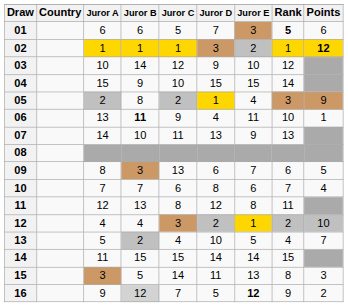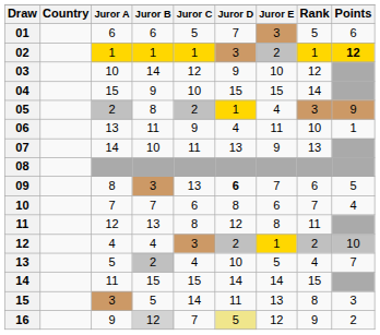 <table class="sortable wikitable collapsible plainrowheaders" style="text-align:center;">
 <tr>
 </tr>
 <tr>
 <th scope="col">Draw</th>
 <th scope="col">Country</th>
 <th scope="col"><small>Juror A</small></th>
 <th scope="col"><small>Juror B</small></th>
 <th scope="col"><small>Juror C</small></th>
 <th scope="col"><small>Juror D</small></th>
 <th scope="col"><small>Juror E</small></th>
 <th scope="col">Rank</th>
 <th scope="col">Points</th>
 </tr>
 <tr>
 <th scope="row" style="text-align:center;">01</th>
 <td style="text-align:left;"></td>
 <td>6</td>
 <td>6</td>
 <td>5</td>
 <td>7</td>
 <td style="background:#CC9966;">3</td>
-<td><strong>5</strong></td>
+<td>5</td>
 <td>6</td>
 </tr>
 <tr>
 <th scope="row" style="text-align:center;">02</th>
 <td style="text-align:left;"></td>
 <td style="background:gold;">1</td>
 <td style="background:gold;">1</td>
 <td style="background:gold;">1</td>
 <td style="background:#CC9966;">3</td>
 <td style="background:silver;">2</td>
 <td style="background:gold;">1</td>
 <td style="background:gold;"><strong>12</strong></td>
 </tr>
 <tr>
 <th scope="row" style="text-align:center;">03</th>
 <td style="text-align:left;"></td>
 <td>10</td>
 <td>14</td>
 <td>12</td>
 <td>9</td>
 <td>10</td>
 <td>12</td>
 <td style="background:#AAAAAA;"></td>
 </tr>
 <tr>
 <th scope="row" style="text-align:center;">04</th>
 <td style="text-align:left;"></td>
 <td>15</td>
 <td>9</td>
 <td>10</td>
 <td>15</td>
 <td>15</td>
 <td>14</td>
 <td style="background:#AAAAAA;"></td>
 </tr>
 <tr>
 <th scope="row" style="text-align:center;">05</th>
 <td style="text-align:left;"></td>
 <td style="background:silver;">2</td>
 <td>8</td>
 <td style="background:silver;">2</td>
 <td style="background:gold;">1</td>
 <td>4</td>
 <td style="background:#CC9966;">3</td>
 <td style="background:#CC9966;">9</td>
 </tr>
 <tr>
 <th scope="row" style="text-align:center;">06</th>
 <td style="text-align:left;"></td>
 <td>13</td>
-<td><strong>11</strong></td>
+<td>11</td>
 <td>9</td>
 <td>4</td>
 <td>11</td>
 <td>10</td>
 <td>1</td>
 </tr>
 <tr>
 <th scope="row" style="text-align:center;">07</th>
 <td style="text-align:left;"></td>
 <td>14</td>
 <td>10</td>
 <td>11</td>
 <td>13</td>
 <td>9</td>
 <td>13</td>
 <td style="background:#AAAAAA;"></td>
 </tr>
 <tr class="sortbottom">
 <th scope="row" style="text-align:center;">08</th>
 <td style="text-align:left;"></td>
 <td style="background:#AAAAAA;"></td>
 <td style="background:#AAAAAA;"></td>
 <td style="background:#AAAAAA;"></td>
 <td style="background:#AAAAAA;"></td>
 <td style="background:#AAAAAA;"></td>
 <td style="background:#AAAAAA;"></td>
 <td style="background:#AAAAAA;"></td>
 </tr>
 <tr>
 <th scope="row" style="text-align:center;">09</th>
 <td style="text-align:left;"></td>
 <td>8</td>
 <td style="background:#CC9966;">3</td>
 <td>13</td>
-<td>6</td>
+<td><strong>6</strong></td>
 <td>7</td>
 <td>6</td>
 <td>5</td>
 </tr>
 <tr>
 <th scope="row" style="text-align:center;">10</th>
 <td style="text-align:left;"></td>
 <td>7</td>
 <td>7</td>
 <td>6</td>
 <td>8</td>
 <td>6</td>
 <td>7</td>
 <td>4</td>
 </tr>
 <tr>
 <th scope="row" style="text-align:center;">11</th>
 <td style="text-align:left;"></td>
 <td>12</td>
 <td>13</td>
 <td>8</td>
 <td>12</td>
 <td>8</td>
 <td>11</td>
 <td style="background:#AAAAAA;"></td>
 </tr>
 <tr>
 <th scope="row" style="text-align:center;">12</th>
 <td style="text-align:left;"></td>
 <td>4</td>
 <td>4</td>
 <td style="background:#CC9966;">3</td>
 <td style="background:silver;">2</td>
 <td style="background:gold;">1</td>
 <td style="background:silver;">2</td>
 <td style="background:silver;">10</td>
 </tr>
 <tr>
 <th scope="row" style="text-align:center;">13</th>
 <td style="text-align:left;"></td>
 <td>5</td>
 <td style="background:silver;">2</td>
 <td>4</td>
 <td>10</td>
 <td>5</td>
 <td>4</td>
 <td>7</td>
 </tr>
 <tr>
 <th scope="row" style="text-align:center;">14</th>
 <td style="text-align:left;"></td>
 <td>11</td>
 <td>15</td>
 <td>15</td>
 <td>14</td>
 <td>14</td>
 <td>15</td>
 <td style="background:#AAAAAA;"></td>
 </tr>
 <tr>
 <th scope="row" style="text-align:center;">15</th>
 <td style="text-align:left;"></td>
 <td style="background:#CC9966;">3</td>
 <td>5</td>
 <td>14</td>
 <td>11</td>
 <td>13</td>
 <td>8</td>
 <td>3</td>
 </tr>
 <tr>
 <th scope="row" style="text-align:center;">16</th>
 <td style="text-align:left;"></td>
 <td>9</td>
 <td style="background: lightgrey;">12</td>
 <td>7</td>
-<td>5</td>
-<td><strong>12</strong></td>
+<td style="background: khaki;">5</td>
+<td>12</td>
 <td>9</td>
 <td>2</td>
 </tr>
 </table>
